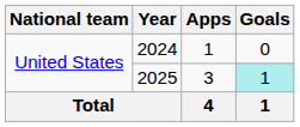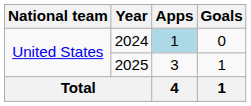 <table class="wikitable" style="text-align:center">
 <tr>
 <th>National team</th>
 <th>Year</th>
 <th>Apps</th>
 <th>Goals</th>
 </tr>
 <tr>
 <td rowspan="2"><a href='#'>United States</a></td>
 <td>2024</td>
-<td>1</td>
+<td style="background: lightblue;">1</td>
 <td>0</td>
 </tr>
 <tr>
 <td>2025</td>
 <td>3</td>
-<td style="background: paleturquoise;">1</td>
+<td>1</td>
 </tr>
 <tr>
 <th colspan="2">Total</th>
 <th>4</th>
 <th>1</th>
 </tr>
 </table>
